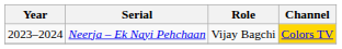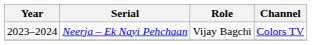 <table class="wikitable sortable">
 <tr>
 <th>Year</th>
 <th>Serial</th>
 <th>Role</th>
 <th>Channel</th>
 </tr>
 <tr>
 <td>2023–2024</td>
 <td><em><a href='#'>Neerja – Ek Nayi Pehchaan</a></em></td>
 <td>Vijay Bagchi</td>
-<td style="background: gold;"><a href='#'>Colors TV</a></td>
+<td><a href='#'>Colors TV</a></td>
 </tr>
 <tr>
 </tr>
 </table>
